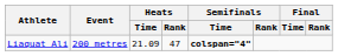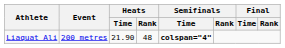 <table class=wikitable style="font-size:90%;">
 <tr>
 <th rowspan=2>Athlete</th>
 <th rowspan=2>Event</th>
 <th colspan=2>Heats</th>
 <th colspan=2>Semifinals</th>
 <th colspan=2>Final</th>
 </tr>
 <tr>
 <th>Time</th>
 <th>Rank</th>
 <th>Time</th>
 <th>Rank</th>
 <th>Time</th>
 <th>Rank</th>
 </tr>
 <tr>
 <td><a href='#'>Liaquat Ali</a></td>
 <td><a href='#'>200 metres</a></td>
-<td align="center">21.09</td>
-<td align="center">47</td>
+<td align="center">21.90</td>
+<td align="center">48</td>
 <td><strong>colspan="4" </strong></td>
 </tr>
 </table>
